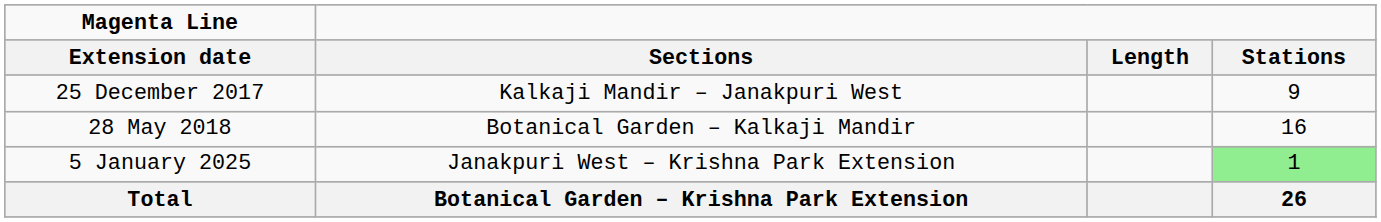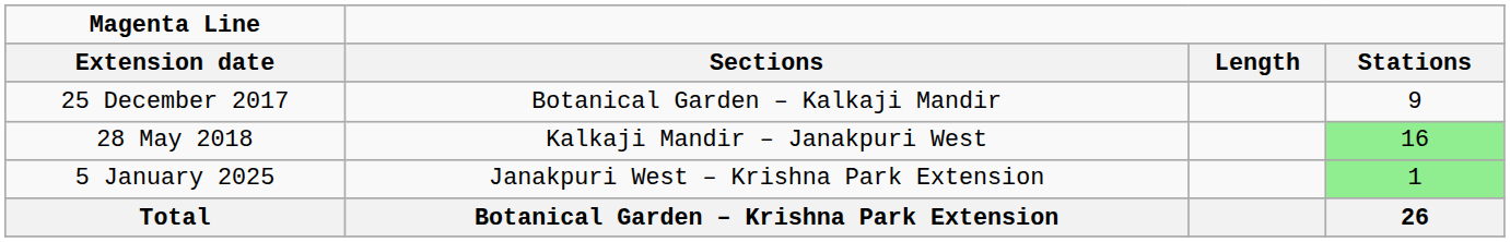 <table class="wikitable" style="text-align: center; width: 65%;">
 <tr>
 <td style="background:#"><span><strong>Magenta Line</strong></span></td>
 </tr>
 <tr>
 <th scope="col">Extension date</th>
 <th scope="col">Sections</th>
 <th scope="col">Length</th>
 <th scope="col">Stations</th>
 </tr>
 <tr>
 <td scope="row">25 December 2017</td>
-<td>Kalkaji Mandir – Janakpuri West</td>
+<td>Botanical Garden – Kalkaji Mandir</td>
 <td></td>
 <td>9</td>
 </tr>
 <tr>
 <td scope="row">28 May 2018</td>
-<td>Botanical Garden – Kalkaji Mandir</td>
+<td>Kalkaji Mandir – Janakpuri West</td>
 <td></td>
-<td>16</td>
+<td style="background: lightgreen;">16</td>
 </tr>
 <tr>
 <td scope="row">5 January 2025</td>
 <td>Janakpuri West – Krishna Park Extension</td>
 <td></td>
 <td style="background: lightgreen;">1</td>
 </tr>
 <tr>
 <th scope="row">Total</th>
 <th>Botanical Garden – Krishna Park Extension</th>
 <th></th>
 <th>26</th>
 </tr>
 </table>
